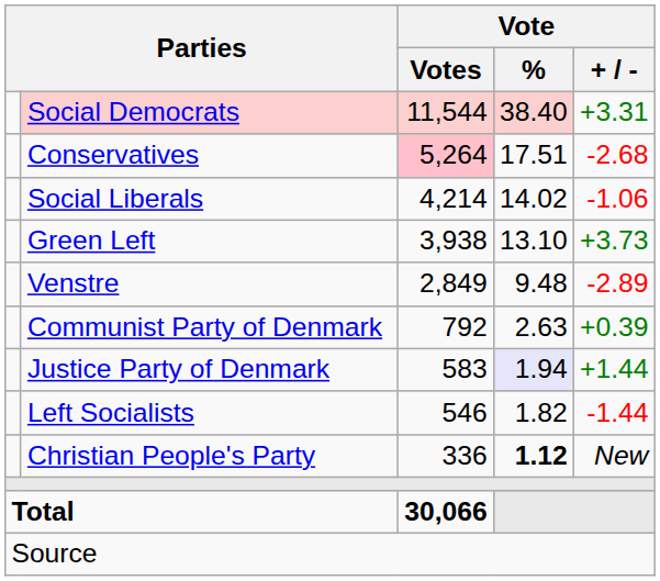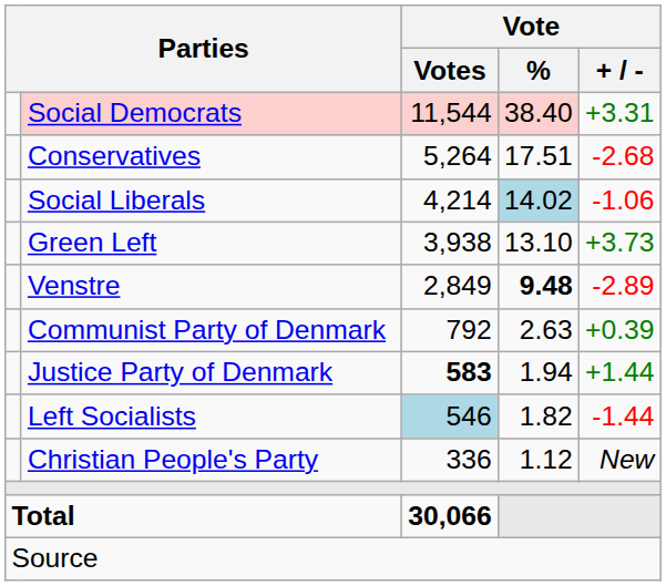 <table class="wikitable" style="text-align:right;">
 <tr>
 <th style="text-align:centre;" rowspan="2" colspan="2" width="225">Parties</th>
 <th colspan="3">Vote</th>
 </tr>
 <tr>
 <th width="15">Votes</th>
 <th width="15">%</th>
 <th width="15">+ / -</th>
 </tr>
 <tr>
 <td width="2" style="color:inherit;background:"></td>
 <td bgcolor=#fbd0ce  align="left"><a href='#'>Social Democrats</a></td>
 <td bgcolor=#fbd0ce>11,544</td>
 <td bgcolor=#fbd0ce>38.40</td>
 <td style=color:green;>+3.31</td>
 </tr>
 <tr>
 <td width="2" style="color:inherit;background:"></td>
 <td align="left"><a href='#'>Conservatives</a></td>
-<td style="background: pink;">5,264</td>
+<td>5,264</td>
 <td>17.51</td>
 <td style=color:red;>-2.68</td>
 </tr>
 <tr>
 <td width="2" style="color:inherit;background:"></td>
 <td align="left"><a href='#'>Social Liberals</a></td>
 <td>4,214</td>
-<td>14.02</td>
+<td style="background: lightblue;">14.02</td>
 <td style=color:red;>-1.06</td>
 </tr>
 <tr>
 <td width="2" style="color:inherit;background:"></td>
 <td align="left"><a href='#'>Green Left</a></td>
 <td>3,938</td>
 <td>13.10</td>
 <td style=color:green;>+3.73</td>
 </tr>
 <tr>
 <td width="2" style="color:inherit;background:"></td>
 <td align="left"><a href='#'>Venstre</a></td>
 <td>2,849</td>
-<td>9.48</td>
+<td><strong>9.48</strong></td>
 <td style=color:red;>-2.89</td>
 </tr>
 <tr>
 <td width="2" style="color:inherit;background:"></td>
 <td align="left"><a href='#'>Communist Party of Denmark</a></td>
 <td>792</td>
 <td>2.63</td>
 <td style=color:green;>+0.39</td>
 </tr>
 <tr>
 <td width="2" style="color:inherit;background:"></td>
 <td align="left"><a href='#'>Justice Party of Denmark</a></td>
-<td>583</td>
-<td style="background: lavender;">1.94</td>
+<td><strong>583</strong></td>
+<td>1.94</td>
 <td style=color:green;>+1.44</td>
 </tr>
 <tr>
 <td width="2" style="color:inherit;background:"></td>
 <td align="left"><a href='#'>Left Socialists</a></td>
-<td>546</td>
+<td style="background: lightblue;">546</td>
 <td>1.82</td>
 <td style=color:red;>-1.44</td>
 </tr>
 <tr>
 <td width="2" style="color:inherit;background:"></td>
 <td align="left"><a href='#'>Christian People's Party</a></td>
 <td>336</td>
-<td><strong>1.12</strong></td>
+<td>1.12</td>
 <td><em>New</em></td>
 </tr>
 <tr>
 <td colspan="7" bgcolor="#E9E9E9"></td>
 </tr>
 <tr>
 <td align="left" colspan="2"><strong>Total</strong></td>
 <td><strong>30,066</strong></td>
 <td bgcolor="#E9E9E9" colspan="2"></td>
 </tr>
 <tr>
 <td align="left" colspan="6">Source</td>
 </tr>
 </table>
